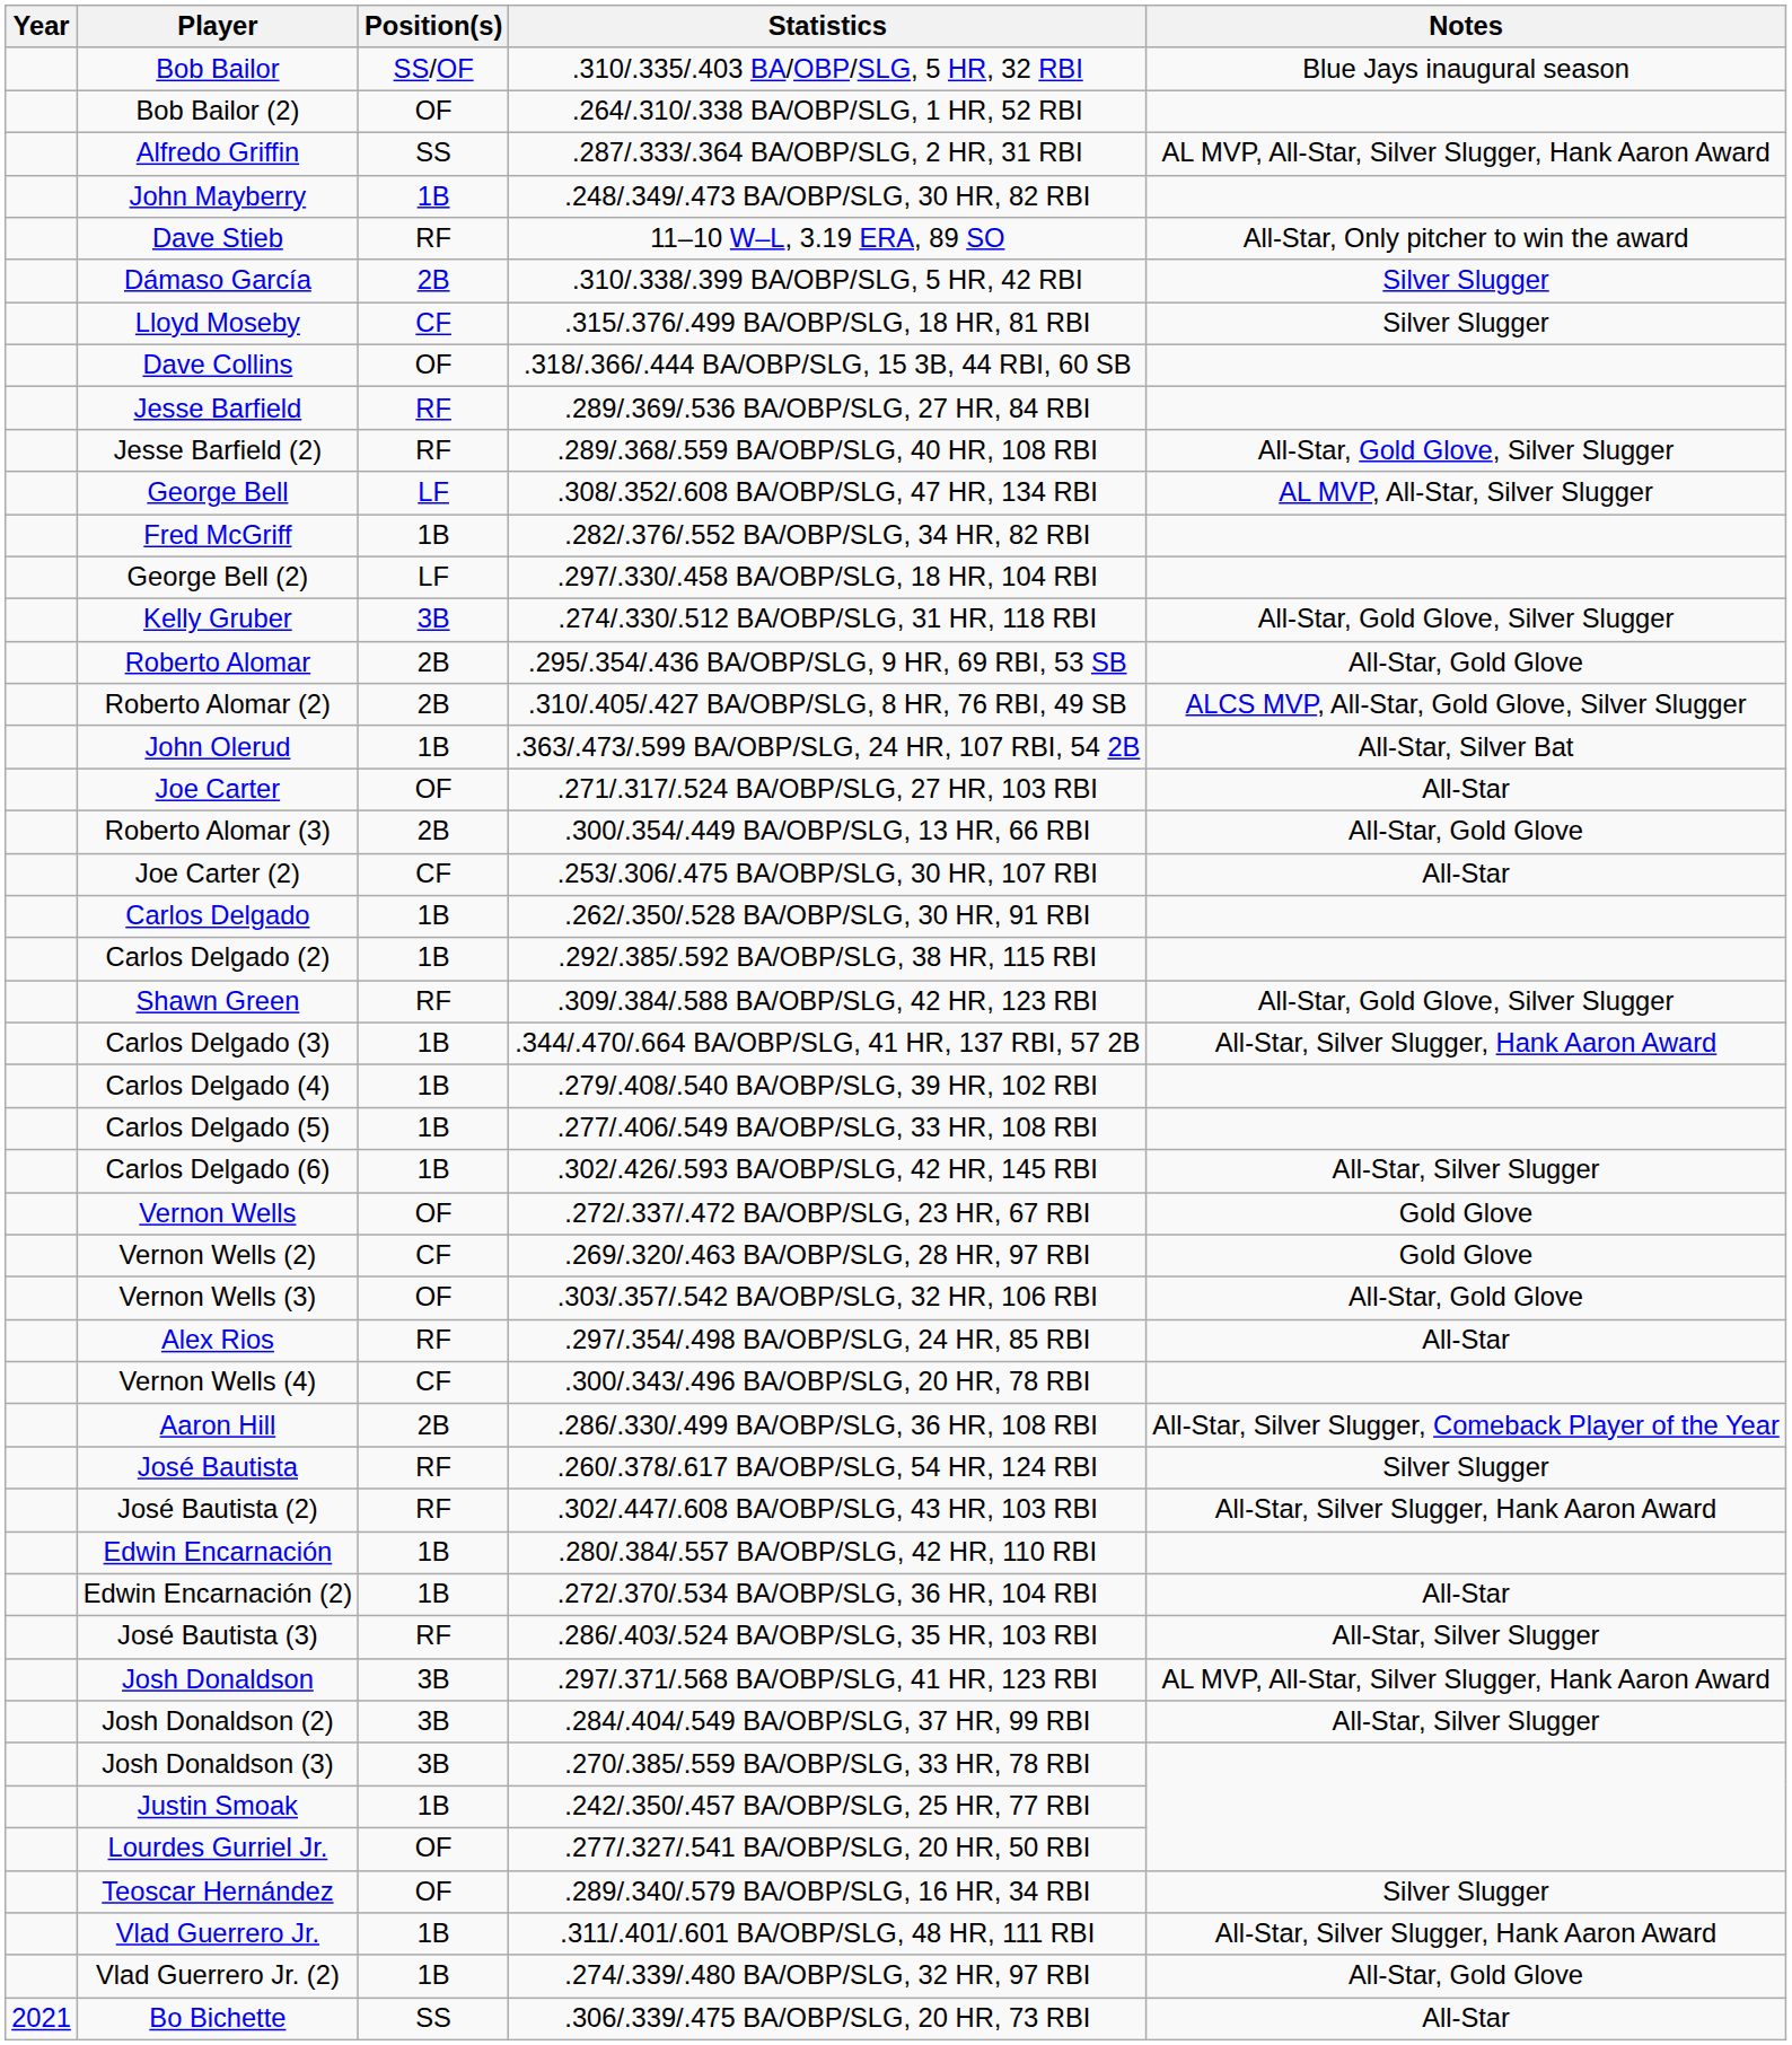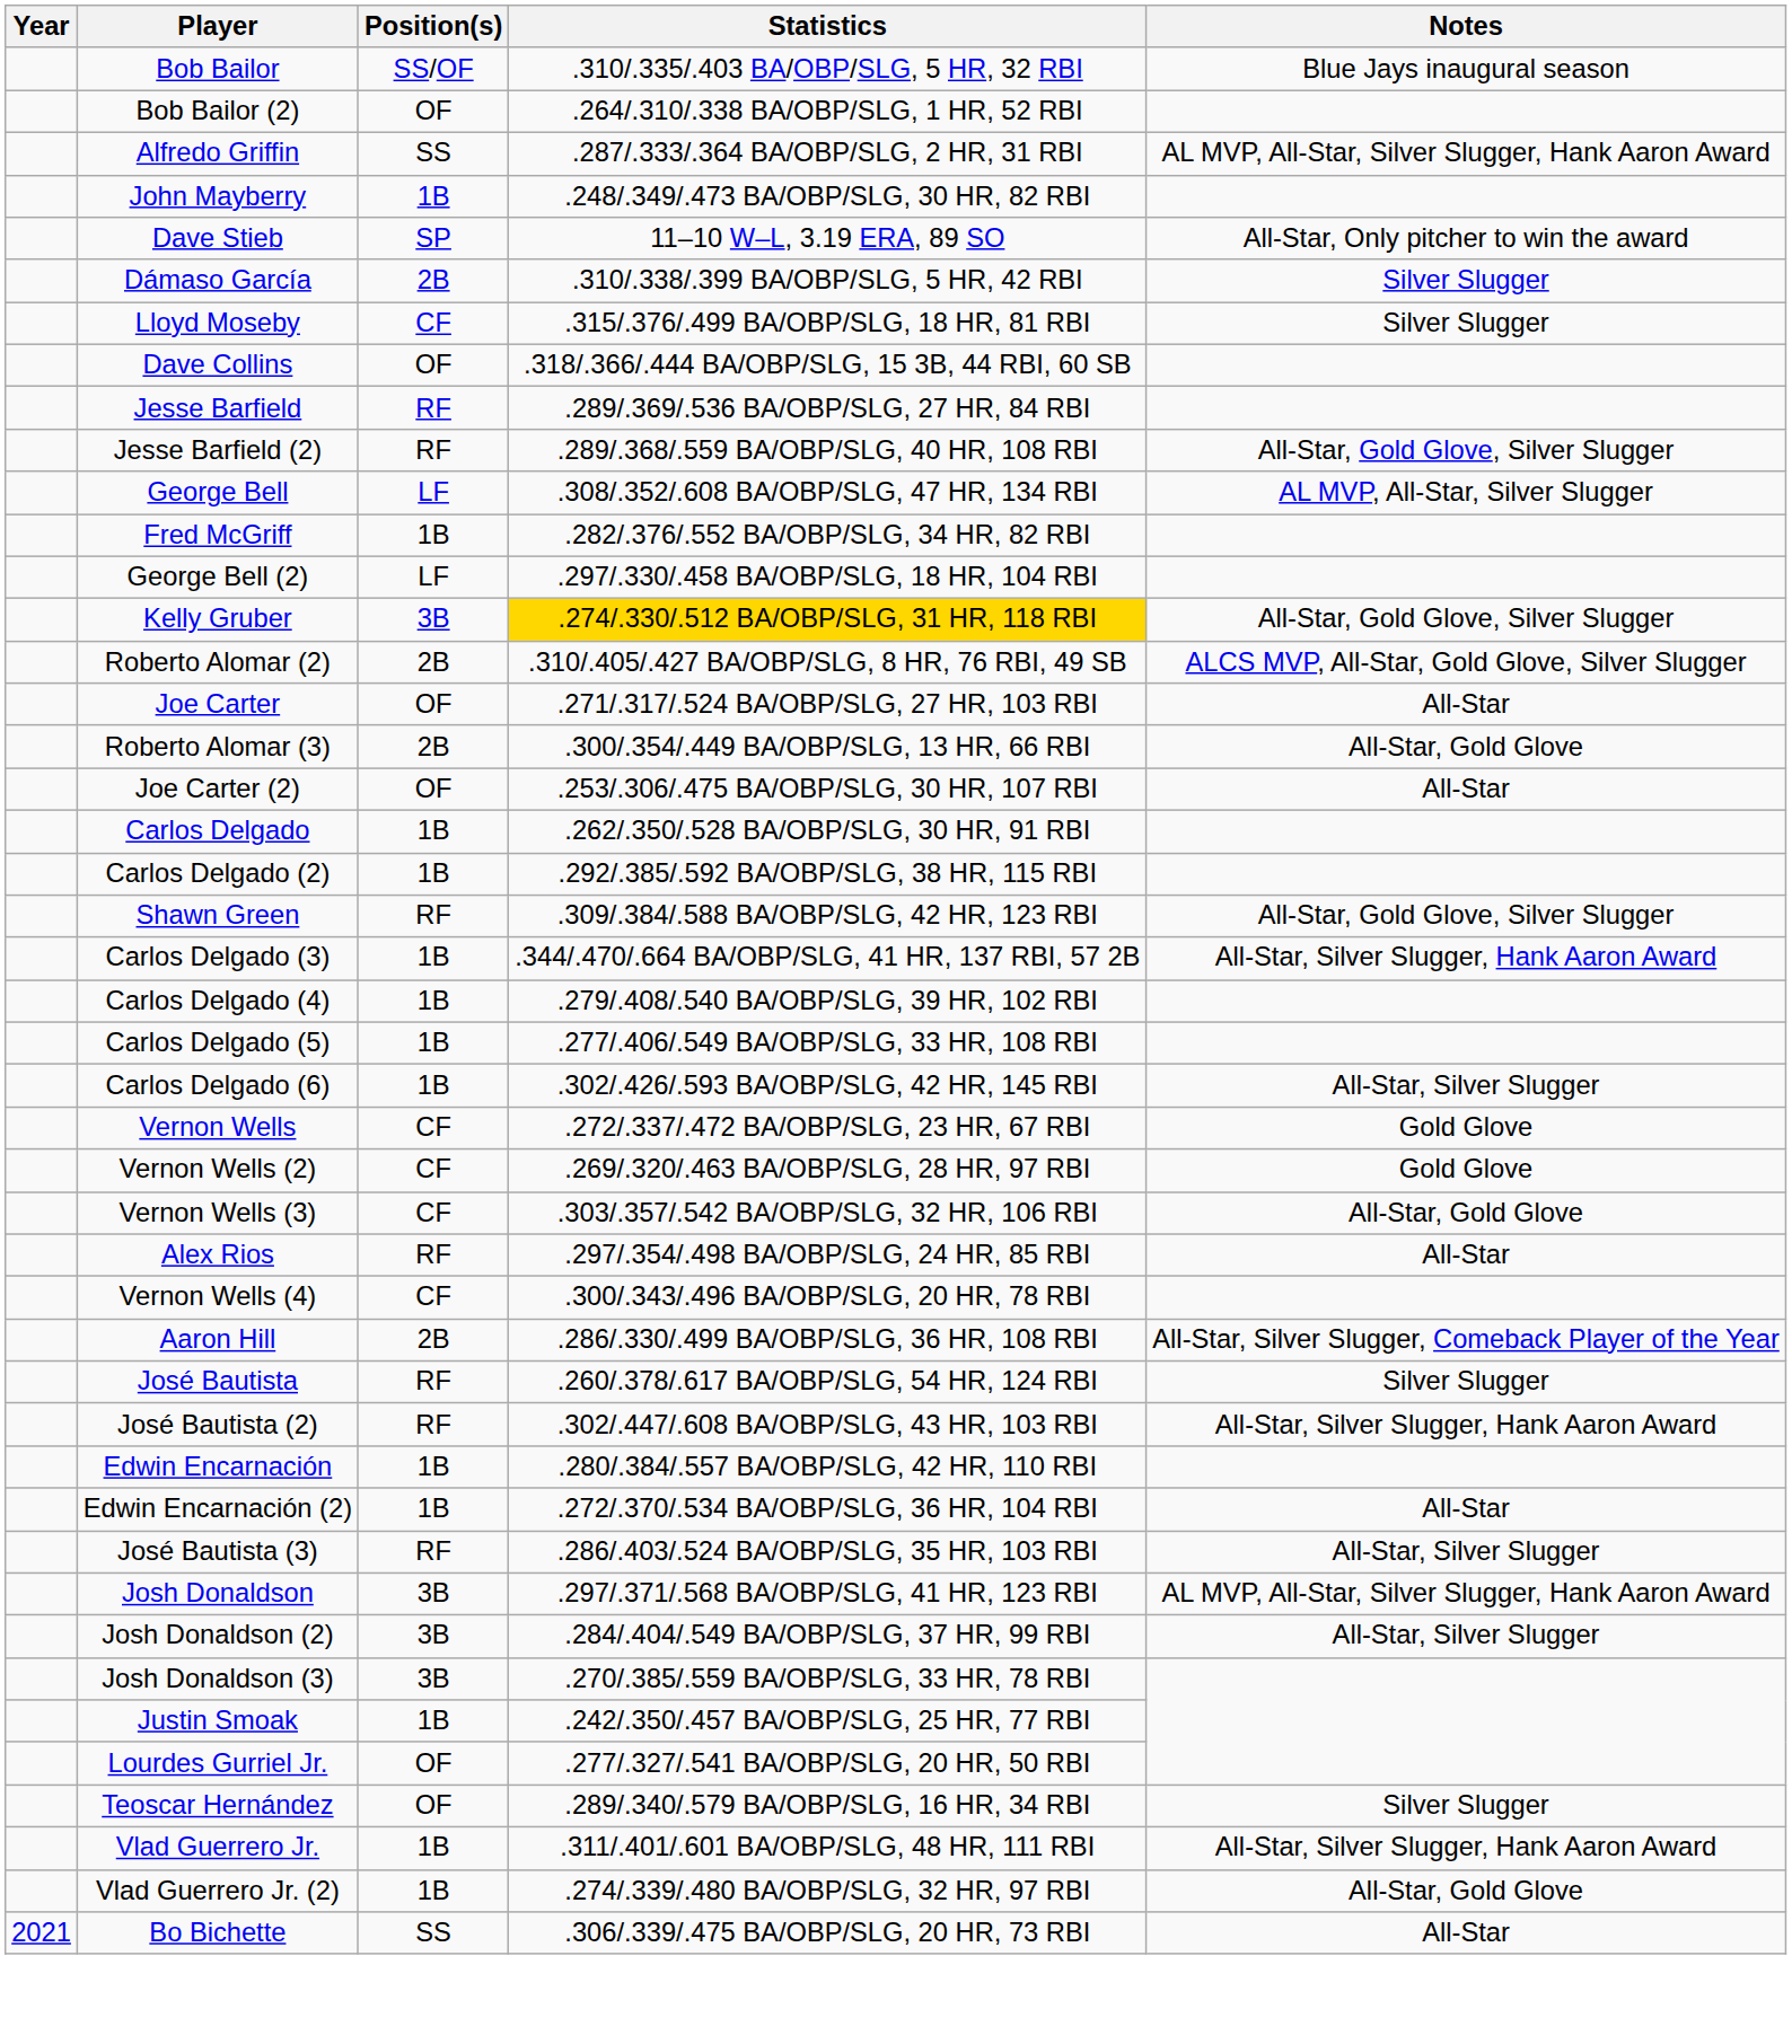 <table class="wikitable" style="text-align:center">
 <tr>
 <th>Year</th>
 <th>Player</th>
 <th>Position(s)</th>
 <th>Statistics</th>
 <th>Notes</th>
 </tr>
 <tr>
 <td></td>
 <td><a href='#'>Bob Bailor</a></td>
 <td><a href='#'>SS</a>/<a href='#'>OF</a></td>
 <td>.310/.335/.403 <a href='#'>BA</a>/<a href='#'>OBP</a>/<a href='#'>SLG</a>, 5 <a href='#'>HR</a>, 32 <a href='#'>RBI</a></td>
 <td>Blue Jays inaugural season</td>
 </tr>
 <tr>
 <td></td>
 <td>Bob Bailor (2)</td>
 <td>OF</td>
 <td>.264/.310/.338 BA/OBP/SLG, 1 HR, 52 RBI</td>
 <td></td>
 </tr>
 <tr>
 <td></td>
 <td><a href='#'>Alfredo Griffin</a></td>
 <td>SS</td>
 <td>.287/.333/.364 BA/OBP/SLG, 2 HR, 31 RBI</td>
 <td>AL MVP, All-Star, Silver Slugger, Hank Aaron Award</td>
 </tr>
 <tr>
 <td></td>
 <td><a href='#'>John Mayberry</a></td>
 <td><a href='#'>1B</a></td>
 <td>.248/.349/.473 BA/OBP/SLG, 30 HR, 82 RBI</td>
 <td></td>
 </tr>
 <tr>
 <td></td>
 <td><a href='#'>Dave Stieb</a></td>
-<td>RF</td>
+<td><a href='#'>SP</a></td>
 <td>11–10 <a href='#'>W–L</a>, 3.19 <a href='#'>ERA</a>, 89 <a href='#'>SO</a></td>
 <td>All-Star, Only pitcher to win the award</td>
 </tr>
 <tr>
 <td></td>
 <td><a href='#'>Dámaso García</a></td>
 <td><a href='#'>2B</a></td>
 <td>.310/.338/.399 BA/OBP/SLG, 5 HR, 42 RBI</td>
 <td><a href='#'>Silver Slugger</a></td>
 </tr>
 <tr>
 <td></td>
 <td><a href='#'>Lloyd Moseby</a></td>
 <td><a href='#'>CF</a></td>
 <td>.315/.376/.499 BA/OBP/SLG, 18 HR, 81 RBI</td>
 <td>Silver Slugger</td>
 </tr>
 <tr>
 <td></td>
 <td><a href='#'>Dave Collins</a></td>
 <td>OF</td>
 <td>.318/.366/.444 BA/OBP/SLG, 15 3B, 44 RBI, 60 SB</td>
 <td></td>
 </tr>
 <tr>
 <td></td>
 <td><a href='#'>Jesse Barfield</a></td>
 <td><a href='#'>RF</a></td>
 <td>.289/.369/.536 BA/OBP/SLG, 27 HR, 84 RBI</td>
 <td></td>
 </tr>
 <tr>
 <td></td>
 <td>Jesse Barfield (2)</td>
 <td>RF</td>
 <td>.289/.368/.559 BA/OBP/SLG, 40 HR, 108 RBI</td>
 <td>All-Star, <a href='#'>Gold Glove</a>, Silver Slugger</td>
 </tr>
 <tr>
 <td></td>
 <td><a href='#'>George Bell</a></td>
 <td><a href='#'>LF</a></td>
 <td>.308/.352/.608 BA/OBP/SLG, 47 HR, 134 RBI</td>
 <td><a href='#'>AL MVP</a>, All-Star, Silver Slugger</td>
 </tr>
 <tr>
 <td></td>
 <td><a href='#'>Fred McGriff</a></td>
 <td>1B</td>
 <td>.282/.376/.552 BA/OBP/SLG, 34 HR, 82 RBI</td>
 <td></td>
 </tr>
 <tr>
 <td></td>
 <td>George Bell (2)</td>
 <td>LF</td>
 <td>.297/.330/.458 BA/OBP/SLG, 18 HR, 104 RBI</td>
 <td></td>
 </tr>
 <tr>
 <td></td>
 <td><a href='#'>Kelly Gruber</a></td>
 <td><a href='#'>3B</a></td>
-<td>.274/.330/.512 BA/OBP/SLG, 31 HR, 118 RBI</td>
+<td style="background: gold;">.274/.330/.512 BA/OBP/SLG, 31 HR, 118 RBI</td>
 <td>All-Star, Gold Glove, Silver Slugger</td>
-</tr>
-<tr>
-<td></td>
-<td><a href='#'>Roberto Alomar</a></td>
-<td>2B</td>
-<td>.295/.354/.436 BA/OBP/SLG, 9 HR, 69 RBI, 53 <a href='#'>SB</a></td>
-<td>All-Star, Gold Glove</td>
 </tr>
 <tr>
 <td></td>
 <td>Roberto Alomar (2)</td>
 <td>2B</td>
 <td>.310/.405/.427 BA/OBP/SLG, 8 HR, 76 RBI, 49 SB</td>
 <td><a href='#'>ALCS MVP</a>, All-Star, Gold Glove, Silver Slugger</td>
-</tr>
-<tr>
-<td></td>
-<td><a href='#'>John Olerud</a></td>
-<td>1B</td>
-<td>.363/.473/.599 BA/OBP/SLG, 24 HR, 107 RBI, 54 <a href='#'>2B</a></td>
-<td>All-Star, Silver Bat</td>
 </tr>
 <tr>
 <td></td>
 <td><a href='#'>Joe Carter</a></td>
 <td>OF</td>
 <td>.271/.317/.524 BA/OBP/SLG, 27 HR, 103 RBI</td>
 <td>All-Star</td>
 </tr>
 <tr>
 <td></td>
 <td>Roberto Alomar (3)</td>
 <td>2B</td>
 <td>.300/.354/.449 BA/OBP/SLG, 13 HR, 66 RBI</td>
 <td>All-Star, Gold Glove</td>
 </tr>
 <tr>
 <td></td>
 <td>Joe Carter (2)</td>
-<td>CF</td>
+<td>OF</td>
 <td>.253/.306/.475 BA/OBP/SLG, 30 HR, 107 RBI</td>
 <td>All-Star</td>
 </tr>
 <tr>
 <td></td>
 <td><a href='#'>Carlos Delgado</a></td>
 <td>1B</td>
 <td>.262/.350/.528 BA/OBP/SLG, 30 HR, 91 RBI</td>
 <td></td>
 </tr>
 <tr>
 <td></td>
 <td>Carlos Delgado (2)</td>
 <td>1B</td>
 <td>.292/.385/.592 BA/OBP/SLG, 38 HR, 115 RBI</td>
 <td></td>
 </tr>
 <tr>
 <td></td>
 <td><a href='#'>Shawn Green</a></td>
 <td>RF</td>
 <td>.309/.384/.588 BA/OBP/SLG, 42 HR, 123 RBI</td>
 <td>All-Star, Gold Glove, Silver Slugger</td>
 </tr>
 <tr>
 <td></td>
 <td>Carlos Delgado (3)</td>
 <td>1B</td>
 <td>.344/.470/.664 BA/OBP/SLG, 41 HR, 137 RBI, 57 2B</td>
 <td>All-Star, Silver Slugger, <a href='#'>Hank Aaron Award</a></td>
 </tr>
 <tr>
 <td></td>
 <td>Carlos Delgado (4)</td>
 <td>1B</td>
 <td>.279/.408/.540 BA/OBP/SLG, 39 HR, 102 RBI</td>
 <td></td>
 </tr>
 <tr>
 <td></td>
 <td>Carlos Delgado (5)</td>
 <td>1B</td>
 <td>.277/.406/.549 BA/OBP/SLG, 33 HR, 108 RBI</td>
 <td></td>
 </tr>
 <tr>
 <td></td>
 <td>Carlos Delgado (6)</td>
 <td>1B</td>
 <td>.302/.426/.593 BA/OBP/SLG, 42 HR, 145 RBI</td>
 <td>All-Star, Silver Slugger</td>
 </tr>
 <tr>
 <td></td>
 <td><a href='#'>Vernon Wells</a></td>
-<td>OF</td>
+<td>CF</td>
 <td>.272/.337/.472 BA/OBP/SLG, 23 HR, 67 RBI</td>
 <td>Gold Glove</td>
 </tr>
 <tr>
 <td></td>
 <td>Vernon Wells (2)</td>
 <td>CF</td>
 <td>.269/.320/.463 BA/OBP/SLG, 28 HR, 97 RBI</td>
 <td>Gold Glove</td>
 </tr>
 <tr>
 <td></td>
 <td>Vernon Wells (3)</td>
-<td>OF</td>
+<td>CF</td>
 <td>.303/.357/.542 BA/OBP/SLG, 32 HR, 106 RBI</td>
 <td>All-Star, Gold Glove</td>
 </tr>
 <tr>
 <td></td>
 <td><a href='#'>Alex Rios</a></td>
 <td>RF</td>
 <td>.297/.354/.498 BA/OBP/SLG, 24 HR, 85 RBI</td>
 <td>All-Star</td>
 </tr>
 <tr>
 <td></td>
 <td>Vernon Wells (4)</td>
 <td>CF</td>
 <td>.300/.343/.496 BA/OBP/SLG, 20 HR, 78 RBI</td>
 <td></td>
 </tr>
 <tr>
 <td></td>
 <td><a href='#'>Aaron Hill</a></td>
 <td>2B</td>
 <td>.286/.330/.499 BA/OBP/SLG, 36 HR, 108 RBI</td>
 <td>All-Star, Silver Slugger, <a href='#'>Comeback Player of the Year</a></td>
 </tr>
 <tr>
 <td></td>
 <td><a href='#'>José Bautista</a></td>
 <td>RF</td>
 <td>.260/.378/.617 BA/OBP/SLG, 54 HR, 124 RBI</td>
 <td>Silver Slugger</td>
 </tr>
 <tr>
 <td></td>
 <td>José Bautista (2)</td>
 <td>RF</td>
 <td>.302/.447/.608 BA/OBP/SLG, 43 HR, 103 RBI</td>
 <td>All-Star, Silver Slugger, Hank Aaron Award</td>
 </tr>
 <tr>
 <td></td>
 <td><a href='#'>Edwin Encarnación</a></td>
 <td>1B</td>
 <td>.280/.384/.557 BA/OBP/SLG, 42 HR, 110 RBI</td>
 <td></td>
 </tr>
 <tr>
 <td></td>
 <td>Edwin Encarnación (2)</td>
 <td>1B</td>
 <td>.272/.370/.534 BA/OBP/SLG, 36 HR, 104 RBI</td>
 <td>All-Star</td>
 </tr>
 <tr>
 <td></td>
 <td>José Bautista (3)</td>
 <td>RF</td>
 <td>.286/.403/.524 BA/OBP/SLG, 35 HR, 103 RBI</td>
 <td>All-Star, Silver Slugger</td>
 </tr>
 <tr>
 <td></td>
 <td><a href='#'>Josh Donaldson</a></td>
 <td>3B</td>
 <td>.297/.371/.568 BA/OBP/SLG, 41 HR, 123 RBI</td>
 <td>AL MVP, All-Star, Silver Slugger, Hank Aaron Award</td>
 </tr>
 <tr>
 <td></td>
 <td>Josh Donaldson (2)</td>
 <td>3B</td>
 <td>.284/.404/.549 BA/OBP/SLG, 37 HR, 99 RBI</td>
 <td>All-Star, Silver Slugger</td>
 </tr>
 <tr>
 <td></td>
 <td>Josh Donaldson (3)</td>
 <td>3B</td>
 <td>.270/.385/.559 BA/OBP/SLG, 33 HR, 78 RBI</td>
 </tr>
 <tr>
 <td></td>
 <td><a href='#'>Justin Smoak</a></td>
 <td>1B</td>
 <td>.242/.350/.457 BA/OBP/SLG, 25 HR, 77 RBI</td>
 </tr>
 <tr>
 <td></td>
 <td><a href='#'>Lourdes Gurriel Jr.</a></td>
 <td>OF</td>
 <td>.277/.327/.541 BA/OBP/SLG, 20 HR, 50 RBI</td>
 </tr>
 <tr>
 <td></td>
 <td><a href='#'>Teoscar Hernández</a></td>
 <td>OF</td>
 <td>.289/.340/.579 BA/OBP/SLG, 16 HR, 34 RBI</td>
 <td>Silver Slugger</td>
 </tr>
 <tr>
 <td></td>
 <td><a href='#'>Vlad Guerrero Jr.</a></td>
 <td>1B</td>
 <td>.311/.401/.601 BA/OBP/SLG, 48 HR, 111 RBI</td>
 <td>All-Star, Silver Slugger, Hank Aaron Award</td>
 </tr>
 <tr>
 <td></td>
 <td>Vlad Guerrero Jr. (2)</td>
 <td>1B</td>
 <td>.274/.339/.480 BA/OBP/SLG, 32 HR, 97 RBI</td>
 <td>All-Star, Gold Glove</td>
 </tr>
 <tr>
 <td><a href='#'>2021</a></td>
 <td><a href='#'>Bo Bichette</a></td>
 <td>SS</td>
 <td>.306/.339/.475 BA/OBP/SLG, 20 HR, 73 RBI</td>
 <td>All-Star</td>
 </tr>
 </table>
